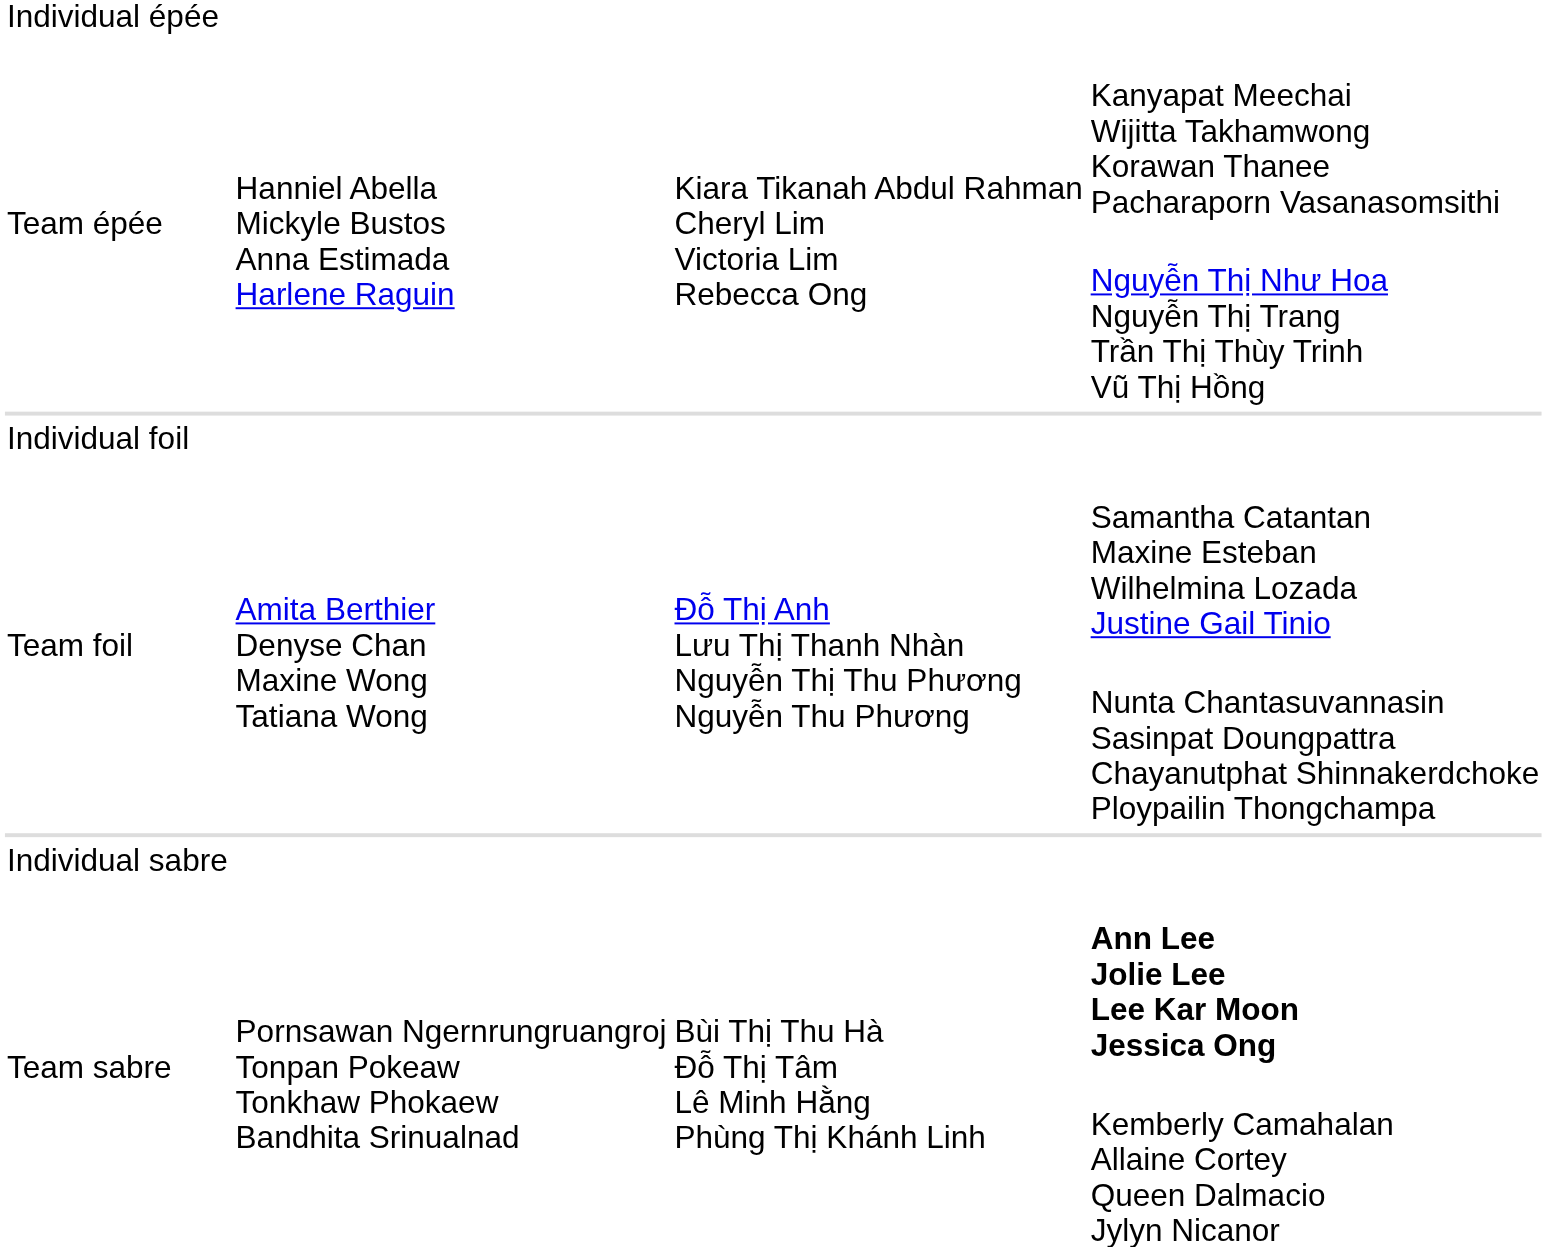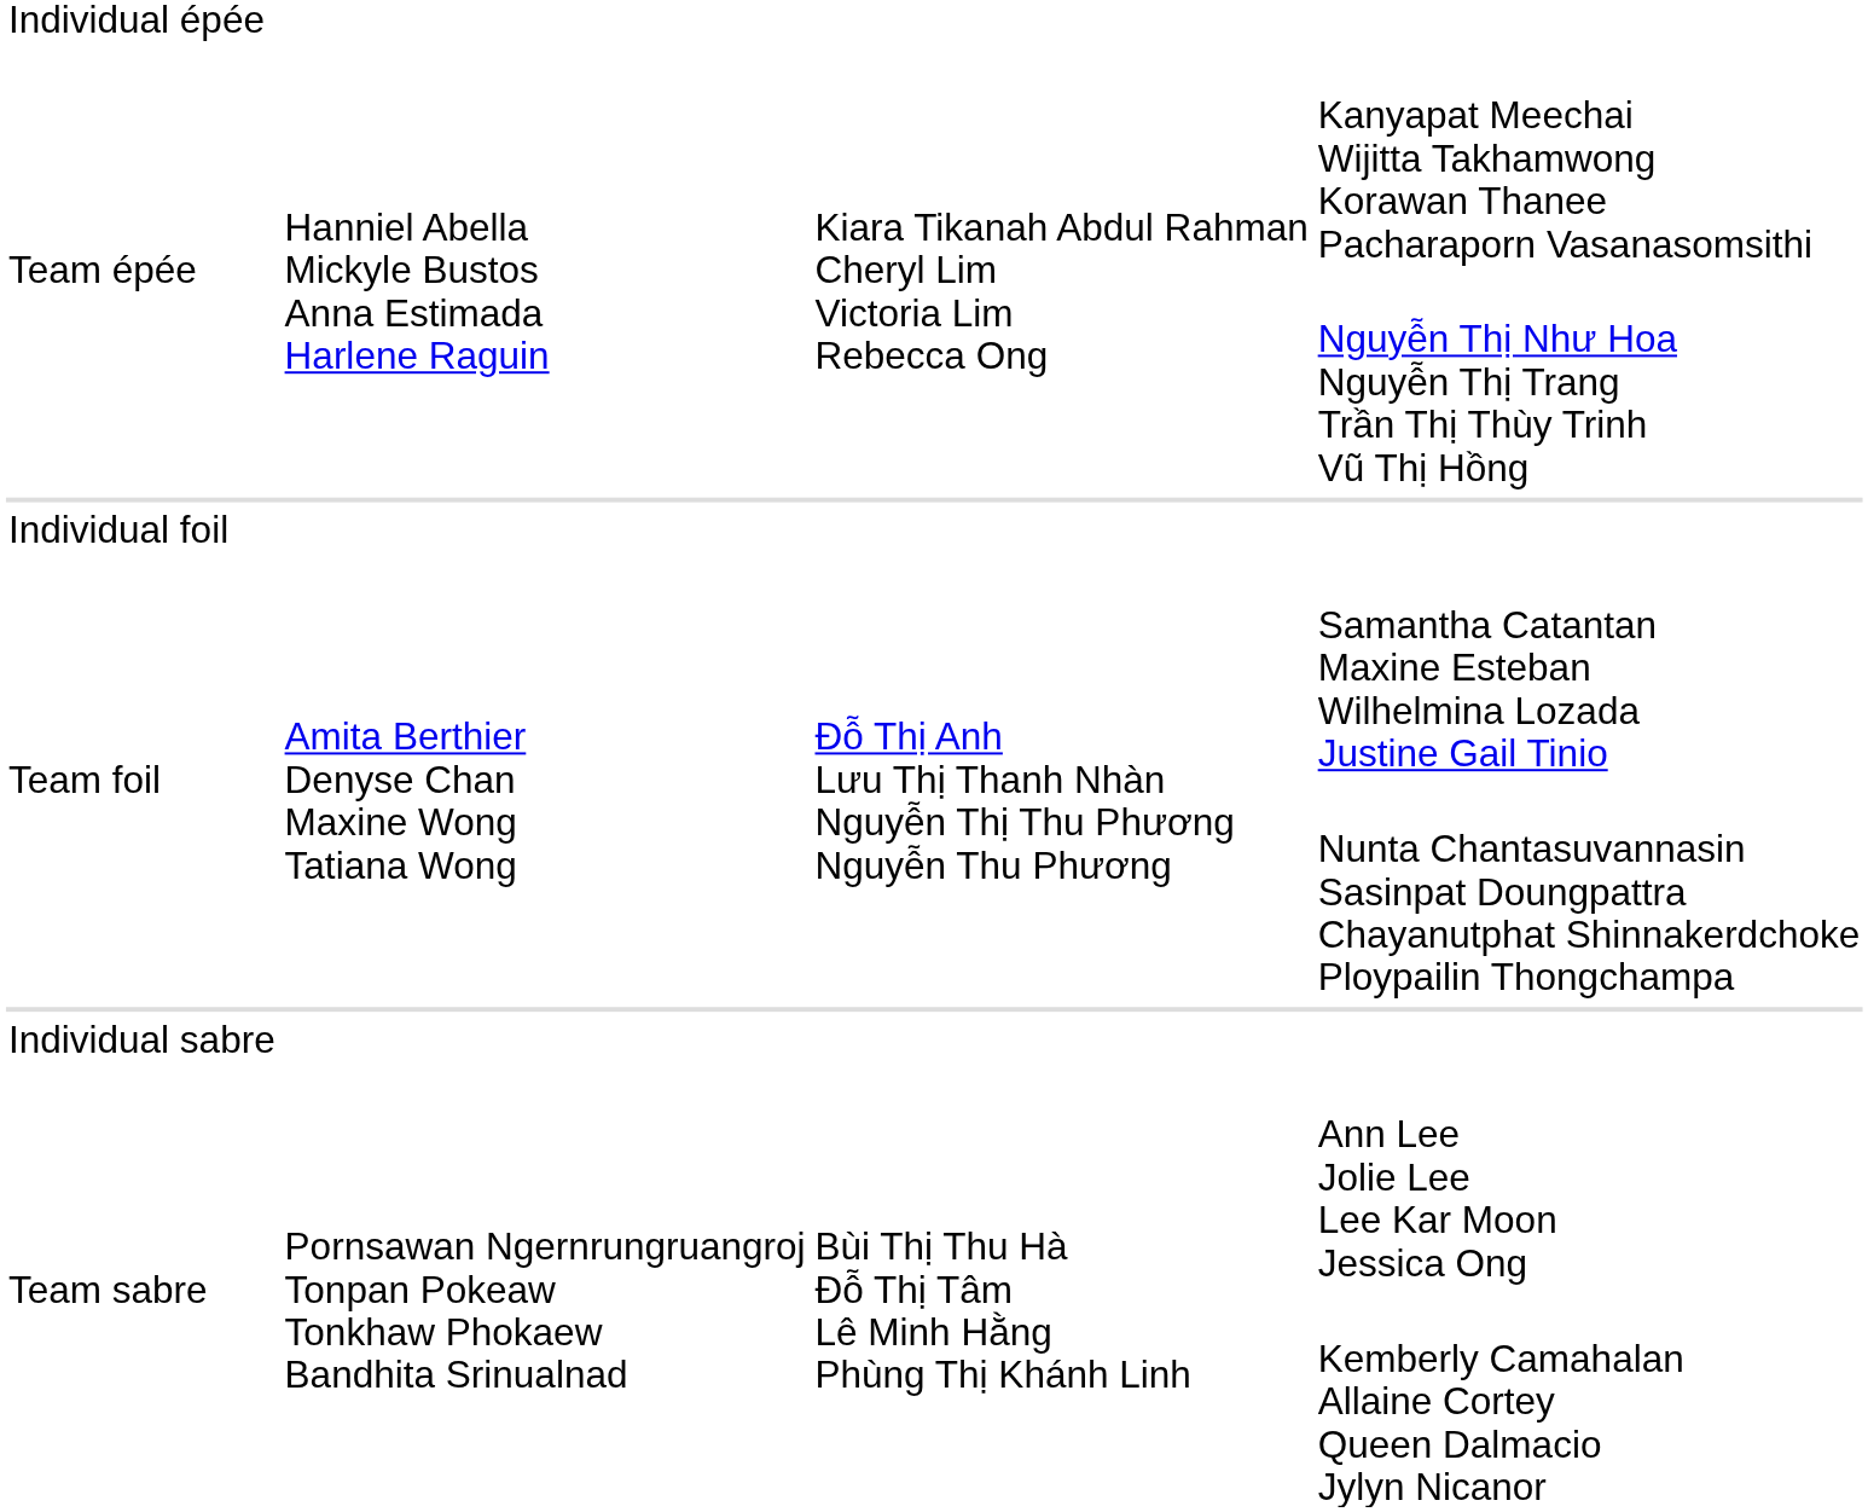 <table>
 <tr>
 <td rowspan=2>Individual épée</td>
 <td rowspan=2></td>
 <td rowspan=2></td>
 <td></td>
 </tr>
 <tr>
 <td></td>
 </tr>
 <tr>
 <td rowspan=2>Team épée</td>
 <td rowspan=2><br>Hanniel Abella<br>Mickyle Bustos<br>Anna Estimada<br><a href='#'>Harlene Raguin</a></td>
 <td rowspan=2 nowrap=true><br>Kiara Tikanah Abdul Rahman<br>Cheryl Lim<br>Victoria Lim<br>Rebecca Ong</td>
 <td><br>Kanyapat Meechai<br>Wijitta Takhamwong<br>Korawan Thanee<br>Pacharaporn Vasanasomsithi</td>
 </tr>
 <tr>
 <td><br><a href='#'>Nguyễn Thị Như Hoa</a><br>Nguyễn Thị Trang<br>Trần Thị Thùy Trinh<br>Vũ Thị Hồng</td>
 </tr>
 <tr>
 <td colspan="7" style="background:#dddddd;"></td>
 </tr>
 <tr>
 <td rowspan=2>Individual foil</td>
 <td rowspan=2></td>
 <td rowspan=2></td>
 <td></td>
 </tr>
 <tr>
 <td></td>
 </tr>
 <tr>
 <td rowspan=2>Team foil</td>
 <td rowspan=2><br><a href='#'>Amita Berthier</a><br>Denyse Chan<br>Maxine Wong<br>Tatiana Wong</td>
 <td rowspan=2><br><a href='#'>Đỗ Thị Anh</a><br>Lưu Thị Thanh Nhàn<br>Nguyễn Thị Thu Phương<br>Nguyễn Thu Phương</td>
 <td><br>Samantha Catantan<br>Maxine Esteban<br>Wilhelmina Lozada<br><a href='#'>Justine Gail Tinio</a></td>
 </tr>
 <tr>
 <td nowrap=true><br>Nunta Chantasuvannasin<br>Sasinpat Doungpattra<br>Chayanutphat Shinnakerdchoke<br>Ploypailin Thongchampa</td>
 </tr>
 <tr>
 <td colspan="7" style="background:#dddddd;"></td>
 </tr>
 <tr>
 <td rowspan=2>Individual sabre</td>
 <td rowspan=2></td>
 <td rowspan=2></td>
 <td></td>
 </tr>
 <tr>
 <td></td>
 </tr>
 <tr>
 <td rowspan=2>Team sabre</td>
 <td rowspan=2 nowrap=true><br>Pornsawan Ngernrungruangroj<br>Tonpan Pokeaw<br>Tonkhaw Phokaew<br>Bandhita Srinualnad</td>
 <td rowspan=2><br>Bùi Thị Thu Hà<br>Đỗ Thị Tâm<br>Lê Minh Hằng <br>Phùng Thị Khánh Linh</td>
-<td><strong><br>Ann Lee<br>Jolie Lee<br>Lee Kar Moon<br>Jessica Ong</strong></td>
+<td><br>Ann Lee<br>Jolie Lee<br>Lee Kar Moon<br>Jessica Ong</td>
 </tr>
 <tr>
 <td><br>Kemberly Camahalan<br>Allaine Cortey<br>Queen Dalmacio<br>Jylyn Nicanor</td>
 </tr>
 </table>
